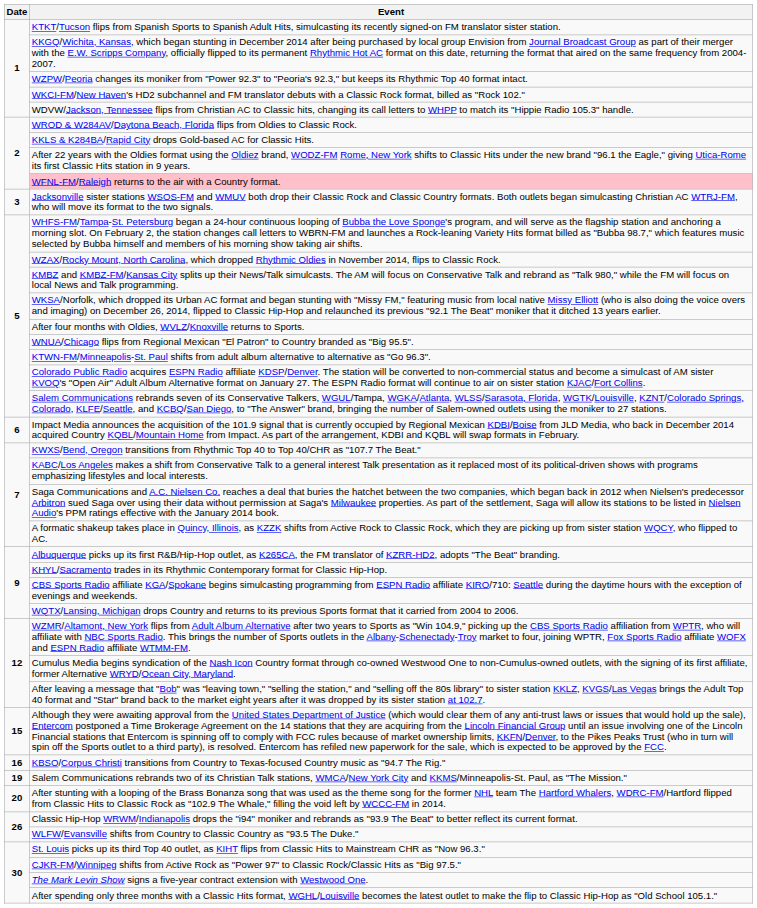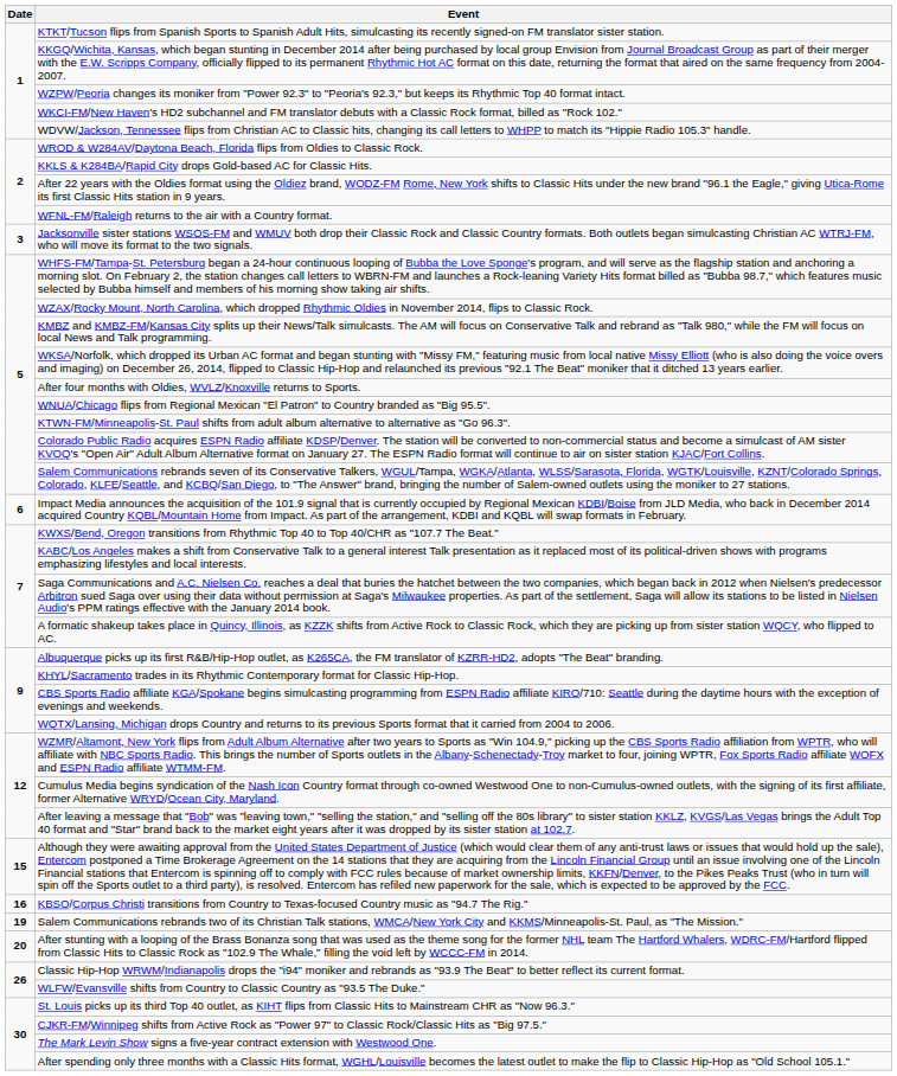 <table class="wikitable">
 <tr>
 <th>Date</th>
 <th>Event</th>
 </tr>
 <tr>
 <td style="text-align:center;" rowspan=5><strong>1</strong></td>
 <td><a href='#'>KTKT</a>/<a href='#'>Tucson</a> flips from Spanish Sports to Spanish Adult Hits, simulcasting its recently signed-on FM translator sister station.</td>
 </tr>
 <tr>
 <td><a href='#'>KKGQ</a>/<a href='#'>Wichita, Kansas</a>, which began stunting in December 2014 after being purchased by local group Envision from <a href='#'>Journal Broadcast Group</a>  as part of their merger with the <a href='#'>E.W. Scripps Company</a>, officially flipped to its permanent <a href='#'>Rhythmic Hot AC</a> format on this date, returning the format that aired on the same frequency from 2004-2007.</td>
 </tr>
 <tr>
 <td><a href='#'>WZPW</a>/<a href='#'>Peoria</a> changes its moniker from "Power 92.3" to "Peoria's 92.3," but keeps its Rhythmic Top 40 format intact.</td>
 </tr>
 <tr>
 <td><a href='#'>WKCI-FM</a>/<a href='#'>New Haven</a>'s HD2 subchannel and FM translator debuts with a Classic Rock format, billed as "Rock 102."</td>
 </tr>
 <tr>
 <td>WDVW/<a href='#'>Jackson, Tennessee</a> flips from Christian AC to Classic hits, changing its call letters to <a href='#'>WHPP</a> to match its "Hippie Radio 105.3" handle.</td>
 </tr>
 <tr>
 <td style="text-align:center;" rowspan=4><strong>2</strong></td>
 <td><a href='#'>WROD & W284AV</a>/<a href='#'>Daytona Beach, Florida</a> flips from Oldies to Classic Rock.</td>
 </tr>
 <tr>
 <td><a href='#'>KKLS & K284BA</a>/<a href='#'>Rapid City</a> drops Gold-based AC for Classic Hits.</td>
 </tr>
 <tr>
 <td>After 22 years with the Oldies format using the <a href='#'>Oldiez</a> brand, <a href='#'>WODZ-FM</a>  <a href='#'>Rome, New York</a>  shifts to Classic Hits under the new brand "96.1 the Eagle," giving <a href='#'>Utica-Rome</a>  its first Classic Hits station in 9 years.</td>
 </tr>
 <tr>
-<td style="background: pink;"><a href='#'>WFNL-FM</a>/<a href='#'>Raleigh</a> returns to the air with a Country format.</td>
+<td><a href='#'>WFNL-FM</a>/<a href='#'>Raleigh</a> returns to the air with a Country format.</td>
 </tr>
 <tr>
 <td style="text-align:center;"><strong>3</strong></td>
 <td><a href='#'>Jacksonville</a> sister stations <a href='#'>WSOS-FM</a> and <a href='#'>WMUV</a> both drop their Classic Rock and Classic Country formats. Both outlets began simulcasting Christian AC <a href='#'>WTRJ-FM</a>, who will move its format to the two signals.</td>
 </tr>
 <tr>
 <td style="text-align:center;" rowspan=9><strong>5</strong></td>
 <td><a href='#'>WHFS-FM</a>/<a href='#'>Tampa</a>-<a href='#'>St. Petersburg</a> began a 24-hour continuous looping of <a href='#'>Bubba the Love Sponge</a>'s program, and will serve as the flagship station and anchoring a morning slot. On February 2, the station changes call letters to WBRN-FM and launches a Rock-leaning Variety Hits format billed as "Bubba 98.7," which features music selected by Bubba himself and members of his morning show taking air shifts.</td>
 </tr>
 <tr>
 <td><a href='#'>WZAX</a>/<a href='#'>Rocky Mount, North Carolina</a>, which dropped <a href='#'>Rhythmic Oldies</a> in November 2014, flips to Classic Rock.</td>
 </tr>
 <tr>
 <td><a href='#'>KMBZ</a> and <a href='#'>KMBZ-FM</a>/<a href='#'>Kansas City</a> splits up their News/Talk simulcasts. The AM will focus on Conservative Talk and rebrand as "Talk 980," while the FM will focus on local News and Talk programming.</td>
 </tr>
 <tr>
 <td><a href='#'>WKSA</a>/Norfolk, which dropped its Urban AC format and began stunting with "Missy FM," featuring music from local native <a href='#'>Missy Elliott</a> (who is also doing the voice overs and imaging) on December 26, 2014, flipped to Classic Hip-Hop and relaunched its previous "92.1 The Beat" moniker that it ditched 13 years earlier.</td>
 </tr>
 <tr>
 <td>After four months with Oldies, <a href='#'>WVLZ</a>/<a href='#'>Knoxville</a> returns to Sports.</td>
 </tr>
 <tr>
 <td><a href='#'>WNUA</a>/<a href='#'>Chicago</a> flips from Regional Mexican "El Patron" to Country branded as "Big 95.5".</td>
 </tr>
 <tr>
 <td><a href='#'>KTWN-FM</a>/<a href='#'>Minneapolis</a>-<a href='#'>St. Paul</a> shifts from adult album alternative to alternative as "Go 96.3".</td>
 </tr>
 <tr>
 <td><a href='#'>Colorado Public Radio</a> acquires <a href='#'>ESPN Radio</a> affiliate <a href='#'>KDSP</a>/<a href='#'>Denver</a>. The station will be converted to non-commercial status and become a simulcast of AM sister <a href='#'>KVOQ</a>'s "Open Air" Adult Album Alternative format on January 27. The ESPN Radio format will continue to air on sister station <a href='#'>KJAC</a>/<a href='#'>Fort Collins</a>.</td>
 </tr>
 <tr>
 <td><a href='#'>Salem Communications</a> rebrands seven of its Conservative Talkers, <a href='#'>WGUL</a>/Tampa, <a href='#'>WGKA</a>/<a href='#'>Atlanta</a>, <a href='#'>WLSS</a>/<a href='#'>Sarasota, Florida</a>, <a href='#'>WGTK</a>/<a href='#'>Louisville</a>, <a href='#'>KZNT</a>/<a href='#'>Colorado Springs, Colorado</a>, <a href='#'>KLFE</a>/<a href='#'>Seattle</a>, and <a href='#'>KCBQ</a>/<a href='#'>San Diego</a>, to "The Answer" brand, bringing the number of Salem-owned outlets using the moniker to 27 stations.</td>
 </tr>
 <tr>
 <td style="text-align:center;"><strong>6</strong></td>
 <td>Impact Media announces the acquisition of the 101.9 signal that is currently occupied by Regional Mexican <a href='#'>KDBI</a>/<a href='#'>Boise</a> from JLD Media, who back in December 2014 acquired Country <a href='#'>KQBL</a>/<a href='#'>Mountain Home</a> from Impact. As part of the arrangement, KDBI and KQBL will swap formats in February.</td>
 </tr>
 <tr>
 <td style="text-align:center;" rowspan=4><strong>7</strong></td>
 <td><a href='#'>KWXS</a>/<a href='#'>Bend, Oregon</a> transitions from Rhythmic Top 40 to Top 40/CHR as "107.7 The Beat."</td>
 </tr>
 <tr>
 <td><a href='#'>KABC</a>/<a href='#'>Los Angeles</a> makes a shift from Conservative Talk to a general interest Talk presentation as it replaced most of its political-driven shows with programs emphasizing lifestyles and local interests.</td>
 </tr>
 <tr>
 <td>Saga Communications and <a href='#'>A.C. Nielsen Co.</a> reaches a deal that buries the hatchet between the two companies, which began back in 2012 when Nielsen's predecessor <a href='#'>Arbitron</a> sued Saga over using their data without permission at Saga's <a href='#'>Milwaukee</a> properties. As part of the settlement, Saga will allow its stations to be listed in <a href='#'>Nielsen Audio</a>'s PPM ratings effective with the January 2014 book.</td>
 </tr>
 <tr>
 <td>A formatic shakeup takes place in <a href='#'>Quincy, Illinois</a>, as <a href='#'>KZZK</a> shifts from Active Rock to Classic Rock, which they are picking up from sister station <a href='#'>WQCY</a>, who flipped to AC.</td>
 </tr>
 <tr>
 <td style="text-align:center;" rowspan=4><strong>9</strong></td>
 <td><a href='#'>Albuquerque</a> picks up its first R&B/Hip-Hop outlet, as <a href='#'>K265CA</a>, the FM translator of <a href='#'>KZRR-HD2</a>, adopts "The Beat" branding.</td>
 </tr>
 <tr>
 <td><a href='#'>KHYL</a>/<a href='#'>Sacramento</a> trades in its Rhythmic Contemporary format for Classic Hip-Hop.</td>
 </tr>
 <tr>
 <td><a href='#'>CBS Sports Radio</a> affiliate <a href='#'>KGA</a>/<a href='#'>Spokane</a> begins simulcasting programming from <a href='#'>ESPN Radio</a> affiliate <a href='#'>KIRO</a>/710: <a href='#'>Seattle</a> during the daytime hours with the exception of evenings and weekends.</td>
 </tr>
 <tr>
 <td><a href='#'>WQTX</a>/<a href='#'>Lansing, Michigan</a> drops Country and returns to its previous Sports format that it carried from 2004 to 2006.</td>
 </tr>
 <tr>
 <td style="text-align:center;" rowspan=3><strong>12</strong></td>
 <td><a href='#'>WZMR</a>/<a href='#'>Altamont, New York</a> flips from <a href='#'>Adult Album Alternative</a> after two years to Sports as "Win 104.9," picking up the <a href='#'>CBS Sports Radio</a> affiliation from <a href='#'>WPTR</a>, who will affiliate with <a href='#'>NBC Sports Radio</a>. This brings the number of Sports outlets in the <a href='#'>Albany</a>-<a href='#'>Schenectady</a>-<a href='#'>Troy</a> market to four, joining WPTR, <a href='#'>Fox Sports Radio</a> affiliate <a href='#'>WOFX</a> and <a href='#'>ESPN Radio</a> affiliate <a href='#'>WTMM-FM</a>.</td>
 </tr>
 <tr>
 <td>Cumulus Media begins syndication of the <a href='#'>Nash Icon</a> Country format through co-owned Westwood One to non-Cumulus-owned outlets, with the signing of its first affiliate, former Alternative <a href='#'>WRYD</a>/<a href='#'>Ocean City, Maryland</a>.</td>
 </tr>
 <tr>
 <td>After leaving a message that "<a href='#'>Bob</a>" was "leaving town," "selling the station," and "selling off the 80s library" to sister station <a href='#'>KKLZ</a>, <a href='#'>KVGS</a>/<a href='#'>Las Vegas</a> brings the Adult Top 40 format and "Star" brand back to the market eight years after it was dropped by its sister station <a href='#'>at 102.7</a>.</td>
 </tr>
 <tr>
 <td style="text-align:center;"><strong>15</strong></td>
 <td>Although they were awaiting approval from the <a href='#'>United States Department of Justice</a> (which would clear them of any anti-trust laws or issues that would hold up the sale), <a href='#'>Entercom</a> postponed a Time Brokerage Agreement on the 14 stations that they are acquiring from the <a href='#'>Lincoln Financial Group</a> until an issue involving one of the Lincoln Financial stations that Entercom is spinning off to comply with FCC rules because of market ownership limits, <a href='#'>KKFN</a>/<a href='#'>Denver</a>, to the Pikes Peaks Trust (who in turn will spin off the Sports outlet to a third party), is resolved. Entercom has refiled new paperwork for the sale, which is expected to be approved by the <a href='#'>FCC</a>.</td>
 </tr>
 <tr>
 <td style="text-align:center;"><strong>16</strong></td>
 <td><a href='#'>KBSO</a>/<a href='#'>Corpus Christi</a> transitions from Country to Texas-focused Country music as "94.7 The Rig."</td>
 </tr>
 <tr>
 <td style="text-align:center;"><strong>19</strong></td>
 <td>Salem Communications rebrands two of its Christian Talk stations, <a href='#'>WMCA</a>/<a href='#'>New York City</a> and <a href='#'>KKMS</a>/Minneapolis-St. Paul, as "The Mission."</td>
 </tr>
 <tr>
 <td style="text-align:center;"><strong>20</strong></td>
 <td>After stunting with a looping of the Brass Bonanza song that was used as the theme song for the former <a href='#'>NHL</a> team The <a href='#'>Hartford Whalers</a>, <a href='#'>WDRC-FM</a>/Hartford flipped from Classic Hits to Classic Rock as "102.9 The Whale," filling the void left by <a href='#'>WCCC-FM</a> in 2014.</td>
 </tr>
 <tr>
 <td style="text-align:center;" rowspan=2><strong>26</strong></td>
 <td>Classic Hip-Hop <a href='#'>WRWM</a>/<a href='#'>Indianapolis</a> drops the "i94" moniker and rebrands as "93.9 The Beat" to better reflect its current format.</td>
 </tr>
 <tr>
 <td><a href='#'>WLFW</a>/<a href='#'>Evansville</a> shifts from Country to Classic Country as "93.5 The Duke."</td>
 </tr>
 <tr>
 <td style="text-align:center;" rowspan=4><strong>30</strong></td>
 <td><a href='#'>St. Louis</a> picks up its third Top 40 outlet, as <a href='#'>KIHT</a> flips from Classic Hits to Mainstream CHR as "Now 96.3."</td>
 </tr>
 <tr>
 <td><a href='#'>CJKR-FM</a>/<a href='#'>Winnipeg</a> shifts from Active Rock as "Power 97" to Classic Rock/Classic Hits as "Big 97.5."</td>
 </tr>
 <tr>
 <td><em><a href='#'>The Mark Levin Show</a></em> signs a five-year contract extension with <a href='#'>Westwood One</a>.</td>
 </tr>
 <tr>
 <td>After spending only three months with a Classic Hits format, <a href='#'>WGHL</a>/<a href='#'>Louisville</a> becomes the latest outlet to make the flip to Classic Hip-Hop as "Old School 105.1."</td>
 </tr>
 </table>
